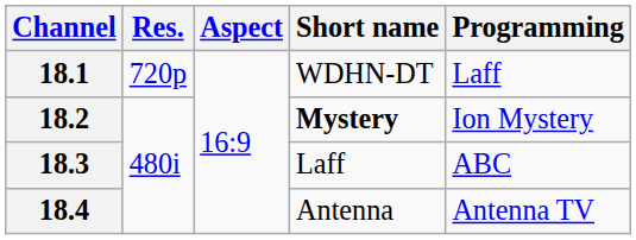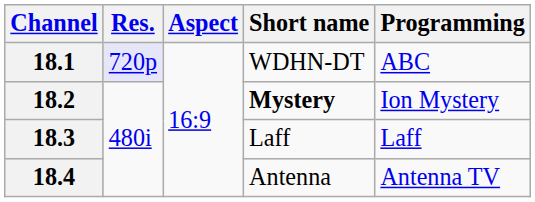 <table class="wikitable">
 <tr>
 <th scope = "col"><a href='#'>Channel</a></th>
 <th scope = "col"><a href='#'>Res.</a></th>
 <th scope = "col"><a href='#'>Aspect</a></th>
 <th scope = "col">Short name</th>
 <th scope = "col">Programming</th>
 </tr>
 <tr>
 <th scope = "row">18.1</th>
-<td><a href='#'>720p</a></td>
+<td style="background: lavender;"><a href='#'>720p</a></td>
 <td rowspan=4><a href='#'>16:9</a></td>
 <td>WDHN-DT</td>
-<td><a href='#'>Laff</a></td>
+<td><a href='#'>ABC</a></td>
 </tr>
 <tr>
 <th scope = "row">18.2</th>
 <td rowspan=3><a href='#'>480i</a></td>
 <td><strong>Mystery</strong></td>
 <td><a href='#'>Ion Mystery</a></td>
 </tr>
 <tr>
 <th scope = "row">18.3</th>
 <td>Laff</td>
-<td><a href='#'>ABC</a></td>
+<td><a href='#'>Laff</a></td>
 </tr>
 <tr>
 <th scope = "row">18.4</th>
 <td>Antenna</td>
 <td><a href='#'>Antenna TV</a></td>
 </tr>
 </table>
